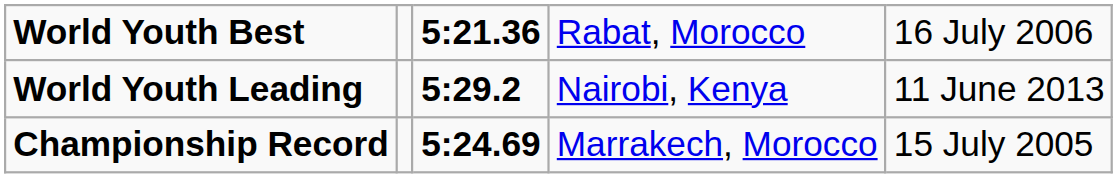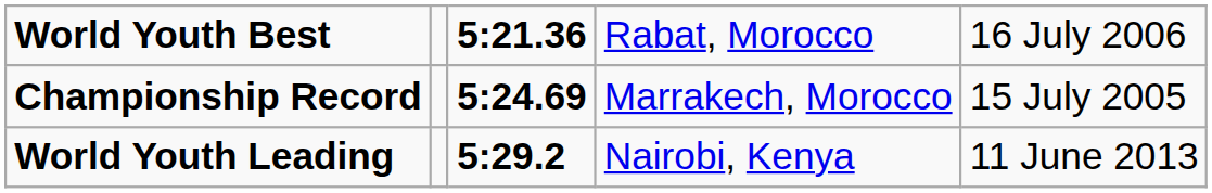 <table class="wikitable">
 <tr>
 <td><strong>World Youth Best</strong></td>
 <td></td>
 <td><strong>5:21.36</strong></td>
 <td><a href='#'>Rabat</a>, <a href='#'>Morocco</a></td>
 <td>16 July 2006</td>
 </tr>
 <tr>
+<td><strong>Championship Record</strong></td>
+<td></td>
+<td><strong>5:24.69</strong></td>
+<td><a href='#'>Marrakech</a>, <a href='#'>Morocco</a></td>
+<td>15 July 2005</td>
+</tr>
+<tr>
 <td><strong>World Youth Leading</strong></td>
 <td></td>
 <td><strong>5:29.2</strong></td>
 <td><a href='#'>Nairobi</a>, <a href='#'>Kenya</a></td>
 <td>11 June 2013</td>
 </tr>
-<tr>
-<td><strong>Championship Record</strong></td>
-<td></td>
-<td><strong>5:24.69</strong></td>
-<td><a href='#'>Marrakech</a>, <a href='#'>Morocco</a></td>
-<td>15 July 2005</td>
-</tr>
 </table>
